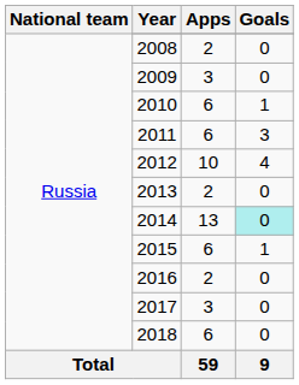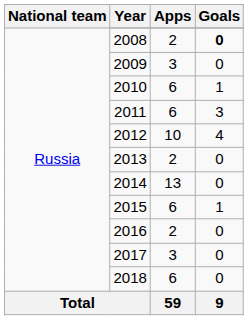 <table class="wikitable" style="text-align:center">
 <tr>
 <th>National team</th>
 <th>Year</th>
 <th>Apps</th>
 <th>Goals</th>
 </tr>
 <tr>
 <td rowspan=12><a href='#'>Russia</a></td>
 </tr>
 <tr>
 <td>2008</td>
 <td>2</td>
-<td>0</td>
+<td><strong>0</strong></td>
 </tr>
 <tr>
 <td>2009</td>
 <td>3</td>
 <td>0</td>
 </tr>
 <tr>
 <td>2010</td>
 <td>6</td>
 <td>1</td>
 </tr>
 <tr>
 <td>2011</td>
 <td>6</td>
 <td>3</td>
 </tr>
 <tr>
 <td>2012</td>
 <td>10</td>
 <td>4</td>
 </tr>
 <tr>
 <td>2013</td>
 <td>2</td>
 <td>0</td>
 </tr>
 <tr>
 <td>2014</td>
 <td>13</td>
-<td style="background: paleturquoise;">0</td>
+<td>0</td>
 </tr>
 <tr>
 <td>2015</td>
 <td>6</td>
 <td>1</td>
 </tr>
 <tr>
 <td>2016</td>
 <td>2</td>
 <td>0</td>
 </tr>
 <tr>
 <td>2017</td>
 <td>3</td>
 <td>0</td>
 </tr>
 <tr>
 <td>2018</td>
 <td>6</td>
 <td>0</td>
 </tr>
 <tr>
 <th colspan=2>Total</th>
 <th>59</th>
 <th>9</th>
 </tr>
 </table>
